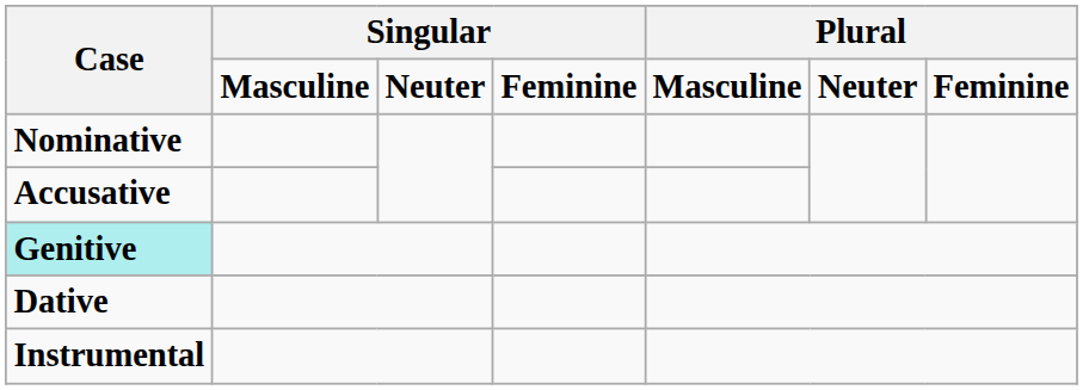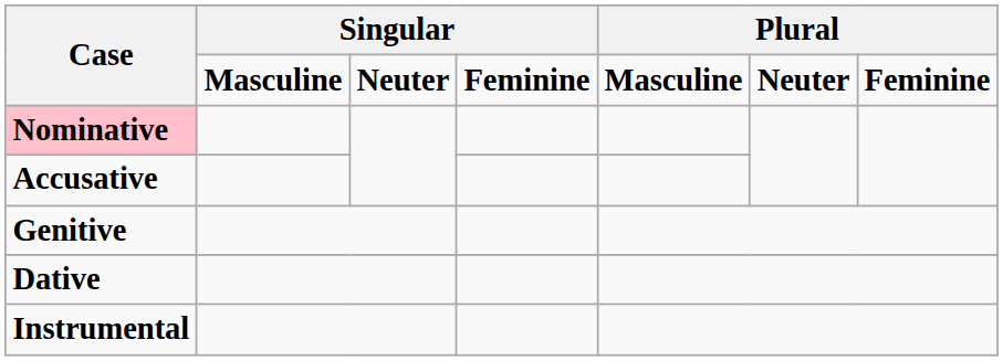 <table class="wikitable">
 <tr>
 <th rowspan="2">Case</th>
 <th colspan="3"><strong>Singular</strong></th>
 <th colspan="3"><strong>Plural</strong></th>
 </tr>
 <tr>
 <td><strong>Masculine</strong></td>
 <td><strong>Neuter</strong></td>
 <td><strong>Feminine</strong></td>
 <td><strong>Masculine</strong></td>
 <td><strong>Neuter</strong></td>
 <td><strong>Feminine</strong></td>
 </tr>
 <tr>
-<td><strong>Nominative</strong></td>
+<td style="background: pink;"><strong>Nominative</strong></td>
 <td></td>
 <td rowspan="2"></td>
 <td></td>
 <td></td>
 <td rowspan="2"></td>
 <td rowspan="2"></td>
 </tr>
 <tr>
 <td><strong>Accusative</strong></td>
 <td></td>
 <td></td>
 <td></td>
 </tr>
 <tr>
-<td style="background: paleturquoise;"><strong>Genitive</strong></td>
+<td><strong>Genitive</strong></td>
 <td colspan="2"></td>
 <td></td>
 <td colspan="3" style="text-align: center"></td>
 </tr>
 <tr>
 <td><strong>Dative</strong></td>
 <td colspan="2"></td>
 <td></td>
 <td colspan="3" style="text-align: center"></td>
 </tr>
 <tr>
 <td><strong>Instrumental</strong></td>
 <td colspan="2"></td>
 <td></td>
 <td colspan="3" style="text-align: center"></td>
 </tr>
 </table>
